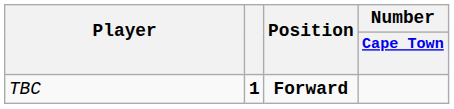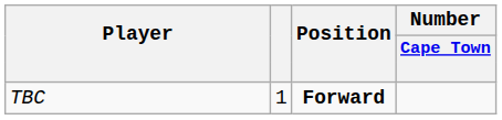 <table class="wikitable sortable" style="text-align:center;">
 <tr>
 <th rowspan=2 style="border-bottom:0; width:13em;">Player</th>
 <th rowspan=2 style="border-bottom:0;"></th>
 <th rowspan=2 style="border-bottom:0;">Position</th>
 <th colspan=1 style="padding:2px;">Number</th>
 </tr>
 <tr>
 <th style="vertical-align:top;width:5.5em;border-bottom:1px solid transparent;padding:2px;font-size:85%;"><a href='#'>Cape Town</a></th>
 </tr>
 <tr style="line-height:8px;">
 <th style="border-top:1px solid transparent;"></th>
 <th style="border-top:1px solid transparent;"> </th>
 <th style="border-top:1px solid transparent;"> </th>
 <th data-sort-type="number" style="border-top:0;"></th>
 </tr>
 <tr>
 <td align=left><em>TBC</em></td>
-<td><strong>1</strong></td>
+<td>1</td>
 <td><strong>Forward</strong></td>
 <td></td>
 </tr>
 </table>
